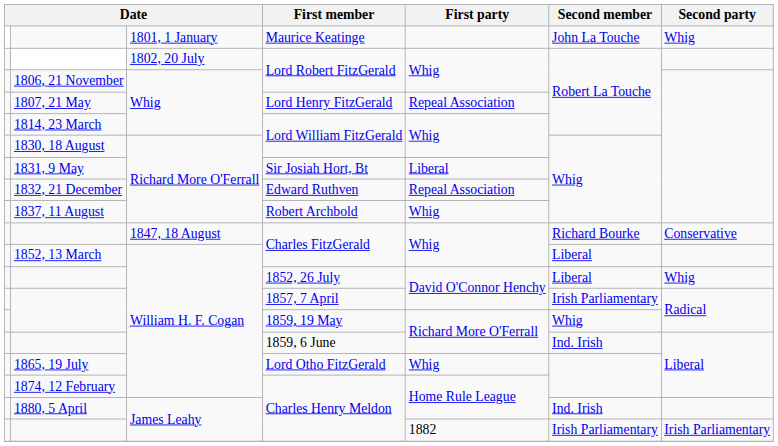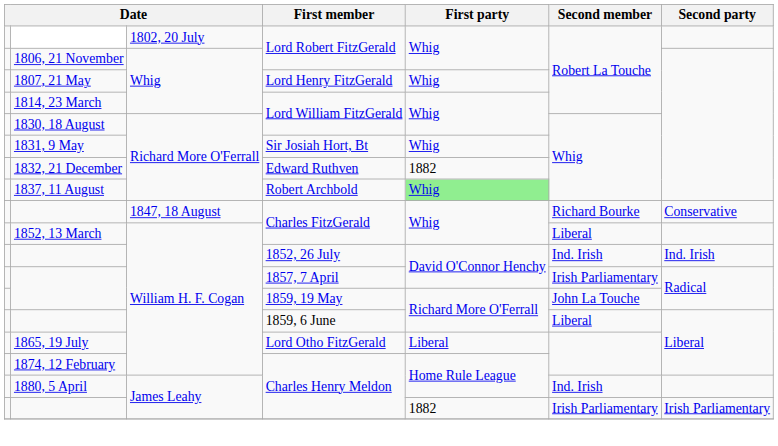 <table class="wikitable">
 <tr>
 <th colspan="3">Date</th>
 <th>First member</th>
 <th>First party</th>
 <th>Second member</th>
 <th>Second party</th>
-</tr>
-<tr>
-<td style="color:inherit;background-color: white"></td>
-<td style="color:inherit;background-color: "></td>
-<td><a href='#'>1801, 1 January</a></td>
-<td><a href='#'>Maurice Keatinge</a></td>
-<td></td>
-<td><a href='#'>John La Touche</a></td>
-<td><a href='#'>Whig</a></td>
 </tr>
 <tr>
 <td style="color:inherit;background-color: "></td>
 <td style="color:inherit;background-color: white"></td>
 <td><a href='#'>1802, 20 July</a></td>
 <td rowspan="2"><a href='#'>Lord Robert FitzGerald</a></td>
 <td rowspan="2"><a href='#'>Whig</a></td>
 <td rowspan="4"><a href='#'>Robert La Touche</a></td>
 <td></td>
 </tr>
 <tr>
 <td style="color:inherit;background-color: "></td>
 <td><a href='#'>1806, 21 November</a></td>
 <td rowspan="3"><a href='#'>Whig</a></td>
 </tr>
 <tr>
 <td style="color:inherit;background-color: "></td>
 <td><a href='#'>1807, 21 May</a></td>
 <td><a href='#'>Lord Henry FitzGerald</a></td>
-<td><a href='#'>Repeal Association</a></td>
+<td><a href='#'>Whig</a></td>
 </tr>
 <tr>
 <td style="color:inherit;background-color: "></td>
 <td><a href='#'>1814, 23 March</a></td>
 <td rowspan="2"><a href='#'>Lord William FitzGerald</a></td>
 <td rowspan="2"><a href='#'>Whig</a></td>
 </tr>
 <tr>
 <td style="color:inherit;background-color: "></td>
 <td><a href='#'>1830, 18 August</a></td>
 <td rowspan="4"><a href='#'>Richard More O'Ferrall</a></td>
 <td rowspan="4"><a href='#'>Whig</a></td>
 </tr>
 <tr>
 <td style="color:inherit;background-color: "></td>
 <td><a href='#'>1831, 9 May</a></td>
 <td><a href='#'>Sir Josiah Hort, Bt</a></td>
-<td><a href='#'>Liberal</a></td>
+<td><a href='#'>Whig</a></td>
 </tr>
 <tr>
 <td style="color:inherit;background-color: "></td>
 <td><a href='#'>1832, 21 December</a></td>
 <td><a href='#'>Edward Ruthven</a></td>
-<td><a href='#'>Repeal Association</a></td>
+<td>1882</td>
 </tr>
 <tr>
 <td style="color:inherit;background-color: "></td>
 <td><a href='#'>1837, 11 August</a></td>
 <td><a href='#'>Robert Archbold</a></td>
-<td><a href='#'>Whig</a></td>
+<td style="background: lightgreen;"><a href='#'>Whig</a></td>
 </tr>
 <tr>
 <td style="color:inherit;background-color: "></td>
 <td style="color:inherit;background-color: "></td>
 <td><a href='#'>1847, 18 August</a></td>
 <td rowspan="2"><a href='#'>Charles FitzGerald</a></td>
 <td rowspan="2"><a href='#'>Whig</a></td>
 <td><a href='#'>Richard Bourke</a></td>
 <td><a href='#'>Conservative</a></td>
 </tr>
 <tr>
 <td style="color:inherit;background-color: "></td>
 <td><a href='#'>1852, 13 March</a></td>
 <td rowspan="7"><a href='#'>William H. F. Cogan</a></td>
 <td><a href='#'>Liberal</a></td>
 </tr>
 <tr>
 <td style="color:inherit;background-color: "></td>
 <td style="color:inherit;background-color: "></td>
 <td><a href='#'>1852, 26 July</a></td>
 <td rowspan="2"><a href='#'>David O'Connor Henchy</a></td>
-<td><a href='#'>Liberal</a></td>
-<td><a href='#'>Whig</a></td>
+<td><a href='#'>Ind. Irish</a></td>
+<td><a href='#'>Ind. Irish</a></td>
 </tr>
 <tr>
 <td style="color:inherit;background-color: "></td>
 <td rowspan="2" style="color:inherit;background-color: "></td>
 <td><a href='#'>1857, 7 April</a></td>
 <td><a href='#'>Irish Parliamentary</a></td>
 <td rowspan="2"><a href='#'>Radical</a></td>
 </tr>
 <tr>
 <td style="color:inherit;background-color: "></td>
 <td><a href='#'>1859, 19 May</a></td>
 <td rowspan="2"><a href='#'>Richard More O'Ferrall</a></td>
-<td><a href='#'>Whig</a></td>
+<td><a href='#'>John La Touche</a></td>
 </tr>
 <tr>
 <td style="color:inherit;background-color: "></td>
 <td style="color:inherit;background-color: "></td>
 <td>1859, 6 June</td>
-<td><a href='#'>Ind. Irish</a></td>
+<td><a href='#'>Liberal</a></td>
 <td rowspan="3"><a href='#'>Liberal</a></td>
 </tr>
 <tr>
 <td style="color:inherit;background-color: "></td>
 <td><a href='#'>1865, 19 July</a></td>
 <td><a href='#'>Lord Otho FitzGerald</a></td>
-<td><a href='#'>Whig</a></td>
+<td><a href='#'>Liberal</a></td>
 </tr>
 <tr>
 <td style="color:inherit;background-color: "></td>
 <td><a href='#'>1874, 12 February</a></td>
 <td rowspan="3"><a href='#'>Charles Henry Meldon</a></td>
 <td rowspan="2"><a href='#'>Home Rule League</a></td>
 </tr>
 <tr>
 <td style="color:inherit;background-color: "></td>
 <td><a href='#'>1880, 5 April</a></td>
 <td rowspan="2"><a href='#'>James Leahy</a></td>
 <td><a href='#'>Ind. Irish</a></td>
 </tr>
 <tr>
 <td style="color:inherit;background-color: "></td>
 <td style="color:inherit;background-color: "></td>
 <td>1882</td>
 <td><a href='#'>Irish Parliamentary</a></td>
 <td><a href='#'>Irish Parliamentary</a></td>
 </tr>
 <tr>
 </tr>
 </table>
